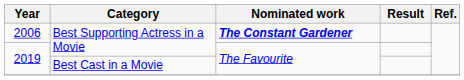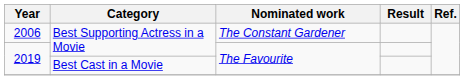 <table class=wikitable>
 <tr>
 <th scope="col" style="width:5em;">Year</th>
 <th scope="col" style="width:26em;">Category</th>
 <th scope="col" style="width:25em;">Nominated work</th>
 <th scope="col" style="width:5em;">Result</th>
 <th>Ref.</th>
 </tr>
 <tr>
 <td style="text-align:center;"><a href='#'>2006</a></td>
 <td rowspan="2"><a href='#'>Best Supporting Actress in a Movie</a></td>
-<td><strong><em><a href='#'>The Constant Gardener</a></em></strong></td>
+<td><em><a href='#'>The Constant Gardener</a></em></td>
 <td></td>
 <td style="text-align:center;", rowspan=3></td>
 </tr>
 <tr>
 <td style="text-align:center;", rowspan=2><a href='#'>2019</a></td>
 <td rowspan=2><em><a href='#'>The Favourite</a></em></td>
 <td></td>
 </tr>
 <tr>
 <td><a href='#'>Best Cast in a Movie</a></td>
 <td></td>
 </tr>
 <tr>
 </tr>
 </table>
